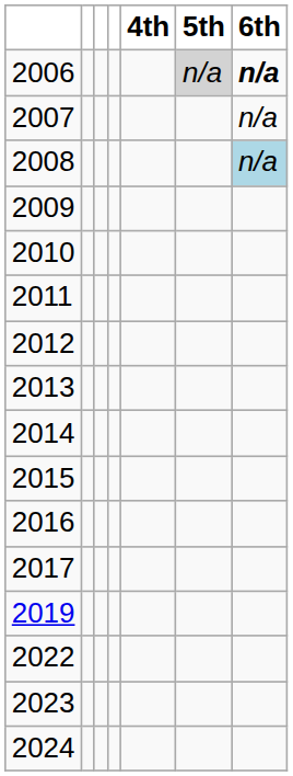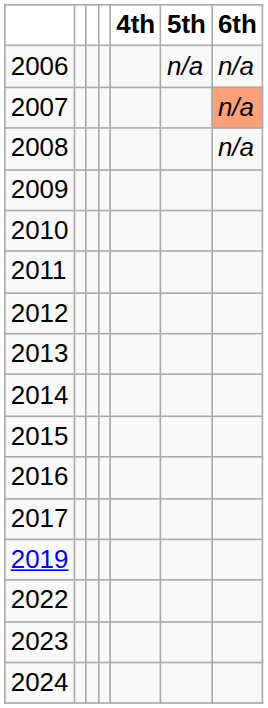 <table class="wikitable collapsible">
 <tr>
 <th style="background:white;"></th>
 <th style="background:white;"></th>
 <th style="background:white;"></th>
 <th style="background:white;"></th>
 <th style="background:white;">4th</th>
 <th style="background:white;">5th</th>
 <th style="background:white;">6th</th>
 </tr>
 <tr>
 <td>2006 </td>
 <td></td>
 <td></td>
 <td></td>
 <td></td>
-<td style="background: lightgrey;"><em>n/a</em></td>
-<td><strong><em>n/a</em></strong></td>
+<td><em>n/a</em></td>
+<td><em>n/a</em></td>
 </tr>
 <tr>
 <td>2007 </td>
 <td></td>
 <td></td>
 <td></td>
 <td></td>
 <td></td>
-<td><em>n/a</em></td>
+<td style="background: lightsalmon;"><em>n/a</em></td>
 </tr>
 <tr>
 <td>2008 </td>
 <td></td>
 <td></td>
 <td></td>
 <td></td>
 <td></td>
-<td style="background: lightblue;"><em>n/a</em></td>
+<td><em>n/a</em></td>
 </tr>
 <tr>
 <td>2009 </td>
 <td></td>
 <td></td>
 <td></td>
 <td></td>
 <td></td>
 <td></td>
 </tr>
 <tr>
 <td>2010 </td>
 <td></td>
 <td></td>
 <td></td>
 <td></td>
 <td></td>
 <td></td>
 </tr>
 <tr>
 <td>2011 </td>
 <td></td>
 <td></td>
 <td></td>
 <td></td>
 <td></td>
 <td></td>
 </tr>
 <tr>
 <td>2012 </td>
 <td></td>
 <td></td>
 <td></td>
 <td></td>
 <td></td>
 <td></td>
 </tr>
 <tr>
 <td>2013 </td>
 <td></td>
 <td></td>
 <td></td>
 <td></td>
 <td></td>
 <td></td>
 </tr>
 <tr>
 <td>2014 </td>
 <td></td>
 <td></td>
 <td></td>
 <td></td>
 <td></td>
 <td></td>
 </tr>
 <tr>
 <td>2015 </td>
 <td></td>
 <td></td>
 <td></td>
 <td></td>
 <td></td>
 <td></td>
 </tr>
 <tr>
 <td>2016 </td>
 <td></td>
 <td></td>
 <td></td>
 <td></td>
 <td></td>
 <td></td>
 </tr>
 <tr>
 <td>2017 </td>
 <td></td>
 <td></td>
 <td></td>
 <td></td>
 <td></td>
 <td></td>
 </tr>
 <tr>
 <td><a href='#'>2019</a></td>
 <td></td>
 <td></td>
 <td></td>
 <td></td>
 <td></td>
 <td></td>
 </tr>
 <tr>
 <td>2022</td>
 <td></td>
 <td></td>
 <td></td>
 <td></td>
 <td><br></td>
 </tr>
 <tr>
 <td>2023</td>
 <td></td>
 <td></td>
 <td></td>
 <td></td>
 <td></td>
 <td></td>
 </tr>
 <tr>
 <td>2024</td>
 <td></td>
 <td></td>
 <td></td>
 <td></td>
 <td></td>
 <td></td>
 </tr>
 </table>
